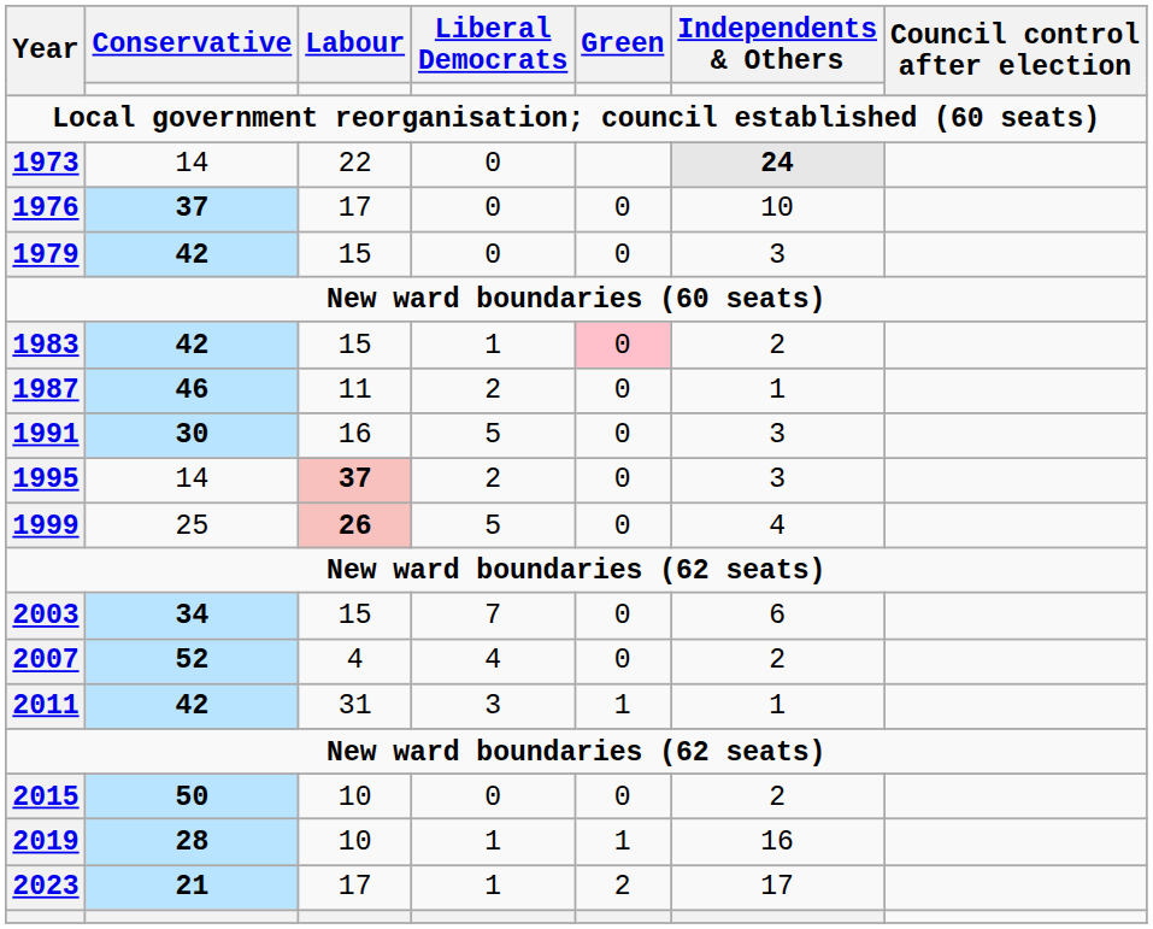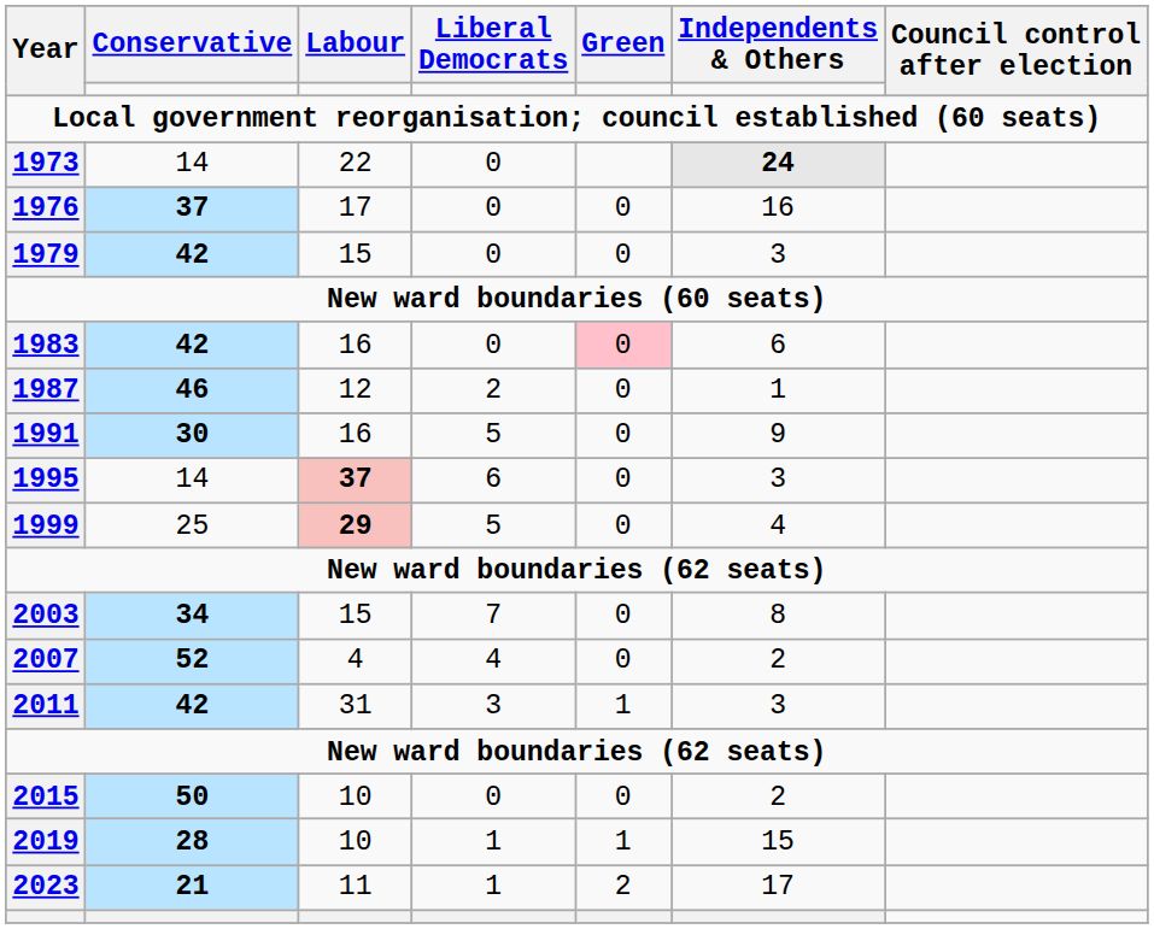 <table class="wikitable plainrowheaders" style="text-align:center">
 <tr>
 <th scope="col" rowspan="2">Year</th>
 <th scope="col"><a href='#'>Conservative</a></th>
 <th scope="col"><a href='#'>Labour</a></th>
 <th scope="col" style="width:1px"><a href='#'>Liberal Democrats</a></th>
 <th scope="col"><a href='#'>Green</a></th>
 <th scope="col"><a href='#'>Independents</a><br>& Others</th>
 <th scope="col" rowspan="2" colspan="2">Council control<br>after election</th>
 </tr>
 <tr>
 <td style="background:"></td>
 <td style="background:"></td>
 <td style="background:"></td>
 <td style="background:"></td>
 <td style="background:"></td>
 </tr>
 <tr>
 <td colspan="9"><strong>Local government reorganisation; council established (60 seats)</strong></td>
 </tr>
 <tr>
 <th scope="row"><a href='#'>1973</a></th>
 <td>14</td>
 <td>22</td>
 <td>0</td>
 <td></td>
 <td style="background:#E7E7E7;"><strong>24</strong></td>
 <td></td>
 </tr>
 <tr>
 <th scope="row"><a href='#'>1976</a></th>
 <td style="background:#B9E4FF;"><strong>37</strong></td>
 <td>17</td>
 <td>0</td>
 <td>0</td>
-<td>10</td>
+<td>16</td>
 <td></td>
 </tr>
 <tr>
 <th scope="row"><a href='#'>1979</a></th>
 <td style="background:#B9E4FF;"><strong>42</strong></td>
 <td>15</td>
 <td>0</td>
 <td>0</td>
 <td>3</td>
 <td></td>
 </tr>
 <tr>
 <td colspan="9"><strong>New ward boundaries (60 seats)</strong></td>
 </tr>
 <tr>
 <th scope="row"><a href='#'>1983</a></th>
 <td style="background:#B9E4FF;"><strong>42</strong></td>
-<td>15</td>
-<td>1</td>
+<td>16</td>
+<td>0</td>
 <td style="background: pink;">0</td>
-<td>2</td>
+<td>6</td>
 <td></td>
 </tr>
 <tr>
 <th scope="row"><a href='#'>1987</a></th>
 <td style="background:#B9E4FF;"><strong>46</strong></td>
-<td>11</td>
+<td>12</td>
 <td>2</td>
 <td>0</td>
 <td>1</td>
 <td></td>
 </tr>
 <tr>
 <th scope="row"><a href='#'>1991</a></th>
 <td style="background:#B9E4FF;"><strong>30</strong></td>
 <td>16</td>
 <td>5</td>
 <td>0</td>
-<td>3</td>
+<td>9</td>
 <td></td>
 </tr>
 <tr>
 <th scope="row"><a href='#'>1995</a></th>
 <td>14</td>
 <td style="background:#F8C1BE;"><strong>37</strong></td>
-<td>2</td>
+<td>6</td>
 <td>0</td>
 <td>3</td>
 <td></td>
 </tr>
 <tr>
 <th scope="row"><a href='#'>1999</a></th>
 <td>25</td>
-<td style="background:#F8C1BE;"><strong>26</strong></td>
+<td style="background:#F8C1BE;"><strong>29</strong></td>
 <td>5</td>
 <td>0</td>
 <td>4</td>
 <td></td>
 </tr>
 <tr>
 <td colspan="9"><strong>New ward boundaries (62 seats)</strong></td>
 </tr>
 <tr>
 <th scope="row"><a href='#'>2003</a></th>
 <td style="background:#B9E4FF;"><strong>34</strong></td>
 <td>15</td>
 <td>7</td>
 <td>0</td>
-<td>6</td>
+<td>8</td>
 <td></td>
 </tr>
 <tr>
 <th scope="row"><a href='#'>2007</a></th>
 <td style="background:#B9E4FF;"><strong>52</strong></td>
 <td>4</td>
 <td>4</td>
 <td>0</td>
 <td>2</td>
 <td></td>
 </tr>
 <tr>
 <th scope="row"><a href='#'>2011</a></th>
 <td style="background:#B9E4FF;"><strong>42</strong></td>
 <td>31</td>
 <td>3</td>
 <td>1</td>
-<td>1</td>
+<td>3</td>
 <td></td>
 </tr>
 <tr>
 <td colspan="9"><strong>New ward boundaries (62 seats)</strong></td>
 </tr>
 <tr>
 <th scope="row"><a href='#'>2015</a></th>
 <td style="background:#B9E4FF;"><strong>50</strong></td>
 <td>10</td>
 <td>0</td>
 <td>0</td>
 <td>2</td>
 <td></td>
 </tr>
 <tr>
 <th scope="row"><a href='#'>2019</a></th>
 <td style="background:#B9E4FF;"><strong>28</strong></td>
 <td>10</td>
 <td>1</td>
 <td>1</td>
-<td>16</td>
+<td>15</td>
 <td></td>
 </tr>
 <tr>
 <th scope="row"><a href='#'>2023</a></th>
 <td style="background:#B9E4FF;"><strong>21</strong></td>
-<td>17</td>
+<td>11</td>
 <td>1</td>
 <td>2</td>
 <td>17</td>
 <td></td>
 </tr>
 <tr>
 <th></th>
 <th style="background-color: "></th>
 <th style="background-color: "></th>
 <th style="background-color: "></th>
 <th style="background-color: "></th>
 <th style="background-color: "></th>
 </tr>
 </table>
